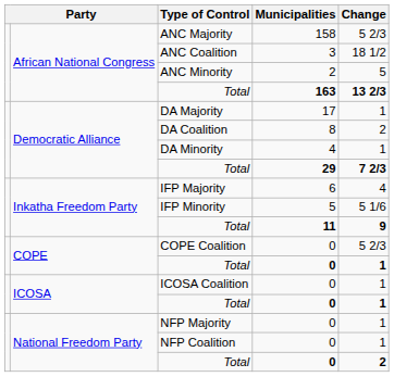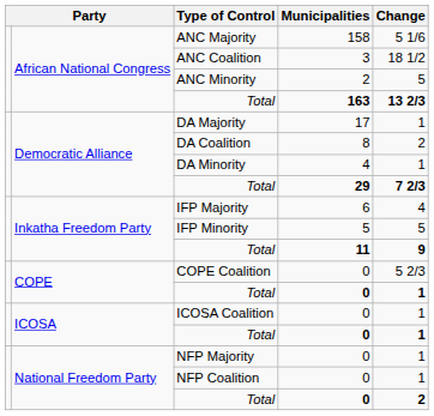 <table class=wikitable style=text-align:right>
 <tr>
 <th colspan=2>Party</th>
 <th>Type of Control</th>
 <th>Municipalities</th>
 <th>Change</th>
 </tr>
 <tr>
 <td rowspan="4" style="background:"></td>
 <td style="text-align:left;" rowspan="4"><a href='#'>African National Congress</a></td>
 <td align=left>ANC Majority</td>
 <td>158</td>
-<td> 5 2/3</td>
+<td> 5 1/6</td>
 </tr>
 <tr>
 <td align=left>ANC Coalition</td>
 <td>3</td>
 <td> 18 1/2</td>
 </tr>
 <tr>
 <td align=left>ANC Minority</td>
 <td>2</td>
 <td> 5</td>
 </tr>
 <tr>
 <td><em>Total</em></td>
 <td><strong>163</strong></td>
 <td> <strong>13 2/3</strong></td>
 </tr>
 <tr>
 <td rowspan="4" style="background:"></td>
 <td style="text-align:left;" rowspan="4"><a href='#'>Democratic Alliance</a></td>
 <td align=left>DA Majority</td>
 <td>17</td>
 <td> 1</td>
 </tr>
 <tr>
 <td align=left>DA Coalition</td>
 <td>8</td>
 <td> 2</td>
 </tr>
 <tr>
 <td align=left>DA Minority</td>
 <td>4</td>
 <td> 1</td>
 </tr>
 <tr>
 <td><em>Total</em></td>
 <td><strong>29</strong></td>
 <td> <strong>7 2/3</strong></td>
 </tr>
 <tr>
 <td rowspan="3" style="background:"></td>
 <td style="text-align:left;" rowspan="3"><a href='#'>Inkatha Freedom Party</a></td>
 <td align=left>IFP Majority</td>
 <td>6</td>
 <td> 4</td>
 </tr>
 <tr>
 <td align=left>IFP Minority</td>
 <td>5</td>
-<td> 5 1/6</td>
+<td> 5</td>
 </tr>
 <tr>
 <td><em>Total</em></td>
 <td><strong>11</strong></td>
 <td> <strong>9</strong></td>
 </tr>
 <tr>
 <td rowspan="2" style="background:"></td>
 <td style="text-align:left;" rowspan="2"><a href='#'>COPE</a></td>
 <td align=left>COPE Coalition</td>
 <td>0</td>
 <td> 5 2/3</td>
 </tr>
 <tr>
 <td><em>Total</em></td>
 <td><strong>0</strong></td>
 <td> <strong>1</strong></td>
 </tr>
 <tr>
 <td rowspan="2" style="background:"></td>
 <td style="text-align:left;" rowspan="2"><a href='#'>ICOSA</a></td>
 <td align=left>ICOSA Coalition</td>
 <td>0</td>
 <td> 1</td>
 </tr>
 <tr>
 <td><em>Total</em></td>
 <td><strong>0</strong></td>
 <td> <strong>1</strong></td>
 </tr>
 <tr>
 <td rowspan="3" style="background:"></td>
 <td style="text-align:left;" rowspan="3"><a href='#'>National Freedom Party</a></td>
 <td align=left>NFP Majority</td>
 <td>0</td>
 <td> 1</td>
 </tr>
 <tr>
 <td align=left>NFP Coalition</td>
 <td>0</td>
 <td> 1</td>
 </tr>
 <tr>
 <td><em>Total</em></td>
 <td><strong>0</strong></td>
 <td> <strong>2</strong></td>
 </tr>
 </table>
